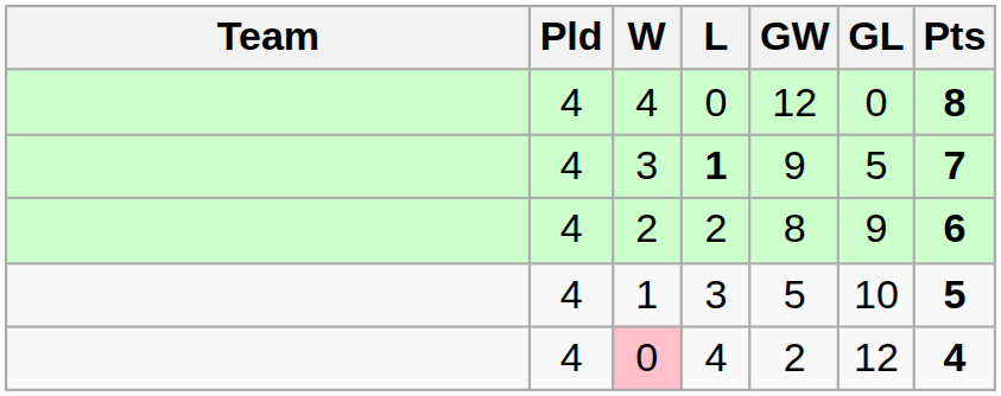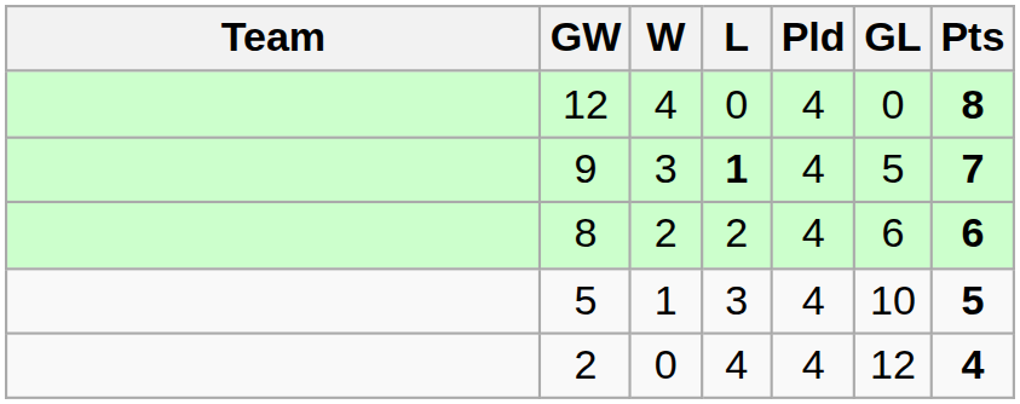 <table class="wikitable" style="text-align:center">
 <tr>
 <th width=200>Team</th>
-<th width=20>Pld</th>
+<th width=20>GW</th>
 <th width=20>W</th>
 <th width=20>L</th>
-<th width=20>GW</th>
+<th width=20>Pld</th>
 <th width=20>GL</th>
 <th width=20>Pts</th>
 </tr>
 <tr bgcolor=ccffcc>
 <td style="text-align:left;"></td>
-<td>4</td>
+<td>12</td>
 <td>4</td>
 <td>0</td>
-<td>12</td>
+<td>4</td>
 <td>0</td>
 <td><strong>8</strong></td>
 </tr>
 <tr bgcolor=ccffcc>
 <td style="text-align:left;"></td>
-<td>4</td>
+<td>9</td>
 <td>3</td>
 <td><strong>1</strong></td>
-<td>9</td>
+<td>4</td>
 <td>5</td>
 <td><strong>7</strong></td>
 </tr>
 <tr bgcolor=ccffcc>
 <td style="text-align:left;"></td>
-<td>4</td>
+<td>8</td>
 <td>2</td>
 <td>2</td>
-<td>8</td>
-<td>9</td>
+<td>4</td>
+<td>6</td>
 <td><strong>6</strong></td>
 </tr>
 <tr>
 <td style="text-align:left;"></td>
-<td>4</td>
+<td>5</td>
 <td>1</td>
 <td>3</td>
-<td>5</td>
+<td>4</td>
 <td>10</td>
 <td><strong>5</strong></td>
 </tr>
 <tr>
 <td style="text-align:left;"></td>
+<td>2</td>
+<td>0</td>
 <td>4</td>
-<td style="background: pink;">0</td>
 <td>4</td>
-<td>2</td>
 <td>12</td>
 <td><strong>4</strong></td>
 </tr>
 </table>
